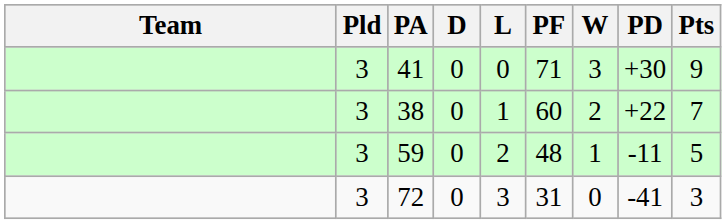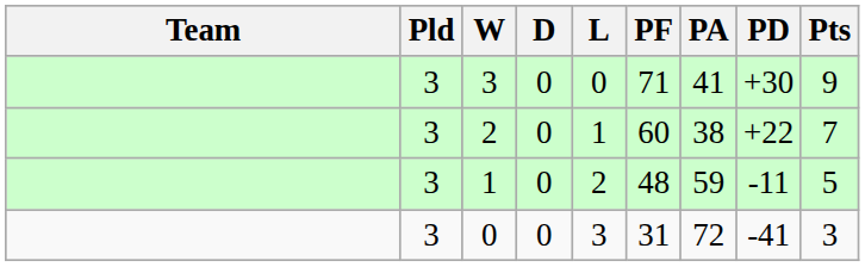 <table class="wikitable" style="text-align:center;">
 <tr>
 <th width="190">Team</th>
 <th width="20" abbr="Played">Pld</th>
-<th width="20" abbr="Points against">PA</th>
+<th width="20" abbr="Won">W</th>
 <th width="20" abbr="Drawn">D</th>
 <th width="20" abbr="Lost">L</th>
 <th width="20" abbr="Points for">PF</th>
-<th width="20" abbr="Won">W</th>
+<th width="20" abbr="Points against">PA</th>
 <th width="25" abbr="Points difference">PD</th>
 <th width="20" abbr="Points">Pts</th>
 </tr>
 <tr style="background:#ccffcc">
 <td align="left"></td>
 <td>3</td>
-<td>41</td>
+<td>3</td>
 <td>0</td>
 <td>0</td>
 <td>71</td>
-<td>3</td>
+<td>41</td>
 <td>+30</td>
 <td>9</td>
 </tr>
 <tr style="background:#ccffcc">
 <td align="left"></td>
 <td>3</td>
-<td>38</td>
+<td>2</td>
 <td>0</td>
 <td>1</td>
 <td>60</td>
-<td>2</td>
+<td>38</td>
 <td>+22</td>
 <td>7</td>
 </tr>
 <tr style="background:#ccffcc">
 <td align="left"></td>
 <td>3</td>
-<td>59</td>
+<td>1</td>
 <td>0</td>
 <td>2</td>
 <td>48</td>
-<td>1</td>
+<td>59</td>
 <td>-11</td>
 <td>5</td>
 </tr>
 <tr>
 <td align="left"></td>
 <td>3</td>
-<td>72</td>
+<td>0</td>
 <td>0</td>
 <td>3</td>
 <td>31</td>
-<td>0</td>
+<td>72</td>
 <td>-41</td>
 <td>3</td>
 </tr>
 </table>
